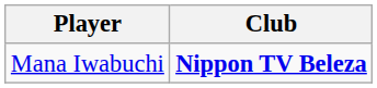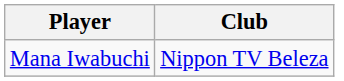 <table class="wikitable">
 <tr>
 <th>Player</th>
 <th>Club</th>
 </tr>
 <tr>
 <td> <a href='#'>Mana Iwabuchi</a></td>
-<td><strong><a href='#'>Nippon TV Beleza</a></strong></td>
+<td><a href='#'>Nippon TV Beleza</a></td>
 </tr>
 </table>
